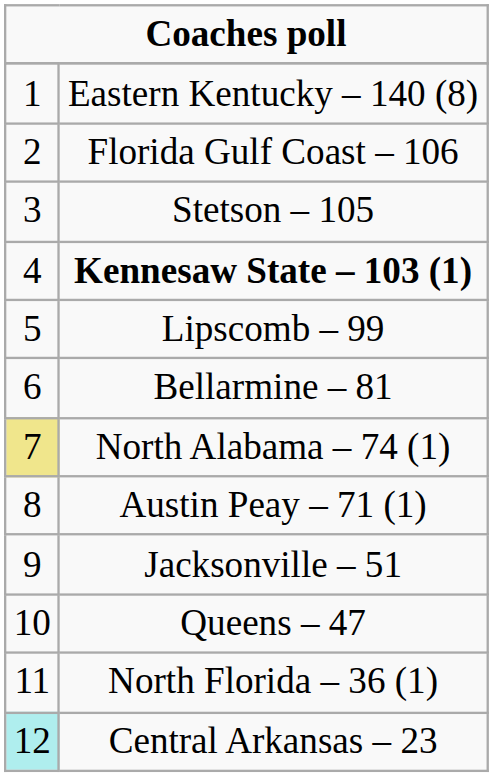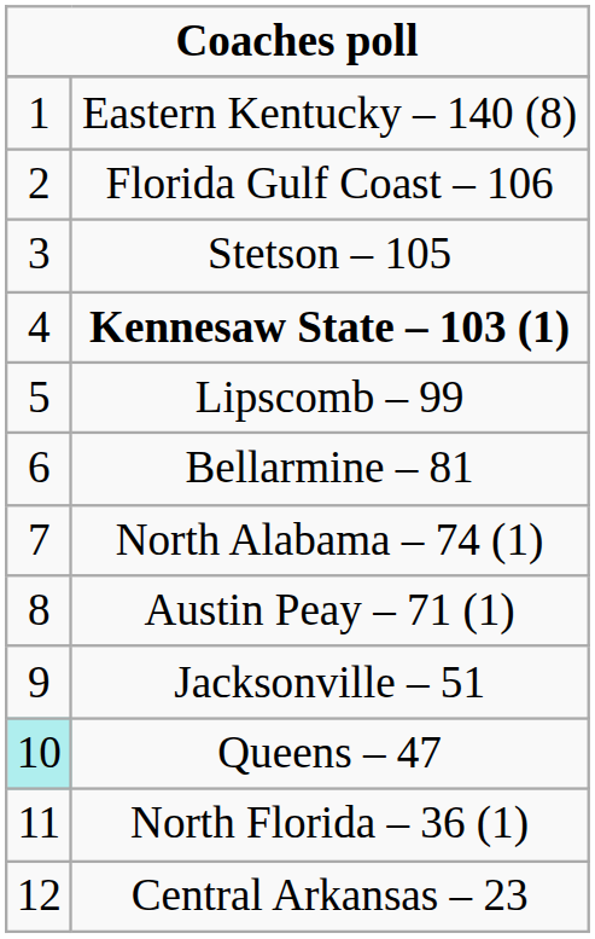 <table class="wikitable" style="display: inline-table;">
 <tr>
 <td colspan="2" align="center"><strong>Coaches poll</strong></td>
 </tr>
 <tr align="center">
 </tr>
 <tr align="center">
 <td>1</td>
 <td>Eastern Kentucky – 140 (8)</td>
 </tr>
 <tr align="center">
 <td>2</td>
 <td>Florida Gulf Coast – 106</td>
 </tr>
 <tr align="center">
 <td>3</td>
 <td>Stetson – 105</td>
 </tr>
 <tr align="center">
 <td>4</td>
 <td><strong>Kennesaw State – 103 (1)</strong></td>
 </tr>
 <tr align="center">
 <td>5</td>
 <td>Lipscomb – 99</td>
 </tr>
 <tr align="center">
 <td>6</td>
 <td>Bellarmine – 81</td>
 </tr>
 <tr align="center">
-<td style="background: khaki;">7</td>
+<td>7</td>
 <td>North Alabama – 74 (1)</td>
 </tr>
 <tr align="center">
 <td>8</td>
 <td>Austin Peay – 71 (1)</td>
 </tr>
 <tr align="center">
 <td>9</td>
 <td>Jacksonville – 51</td>
 </tr>
 <tr align="center">
-<td>10</td>
+<td style="background: paleturquoise;">10</td>
 <td>Queens – 47</td>
 </tr>
 <tr align="center">
 <td>11</td>
 <td>North Florida – 36 (1)</td>
 </tr>
 <tr align="center">
-<td style="background: paleturquoise;">12</td>
+<td>12</td>
 <td>Central Arkansas – 23</td>
 </tr>
 </table>
